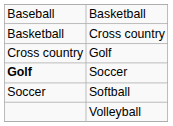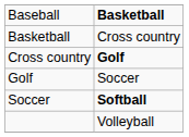 <table class="wikitable" style=" ">
 <tr>
 </tr>
 <tr>
 <td>Baseball</td>
-<td>Basketball</td>
+<td><strong>Basketball</strong></td>
 </tr>
 <tr>
 <td>Basketball</td>
 <td>Cross country</td>
 </tr>
 <tr>
 <td>Cross country</td>
-<td>Golf</td>
+<td><strong>Golf</strong></td>
 </tr>
 <tr>
-<td><strong>Golf</strong></td>
+<td>Golf</td>
 <td>Soccer</td>
 </tr>
 <tr>
 <td>Soccer</td>
-<td>Softball</td>
+<td><strong>Softball</strong></td>
 </tr>
 <tr>
 <td></td>
 <td>Volleyball</td>
 </tr>
 <tr>
 </tr>
 </table>
